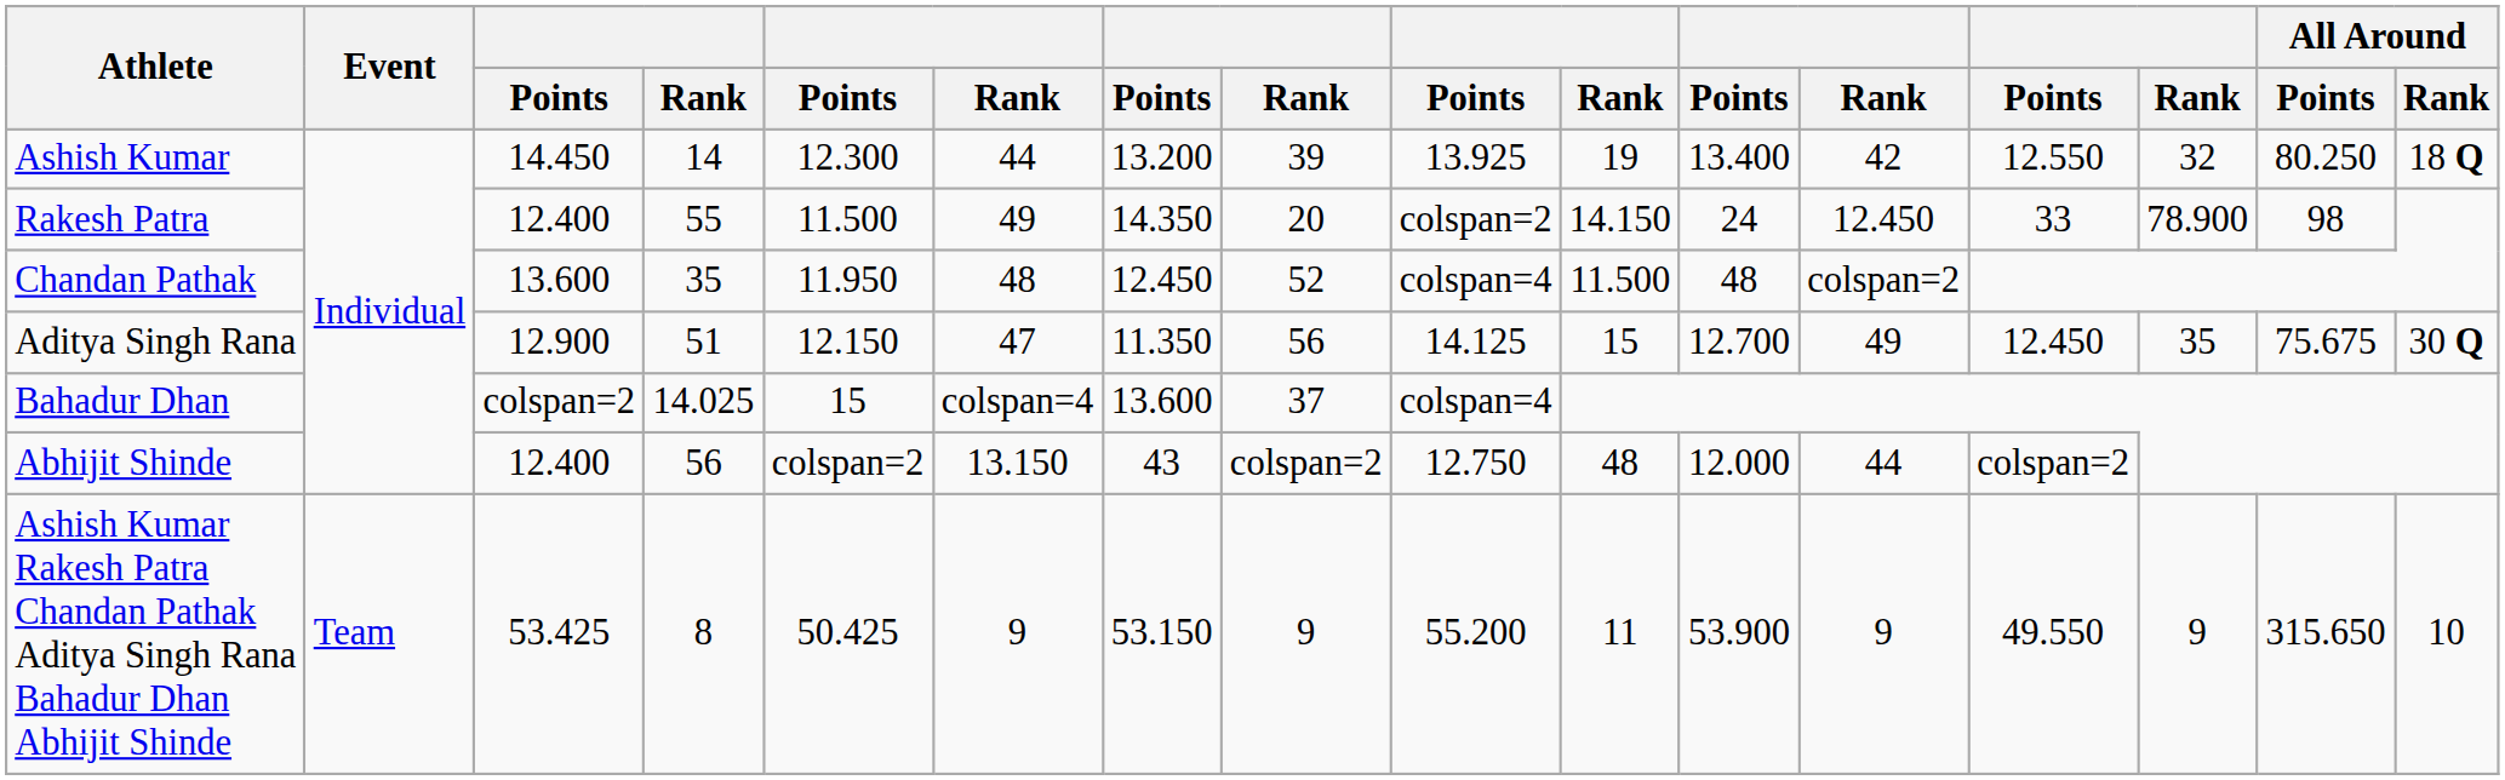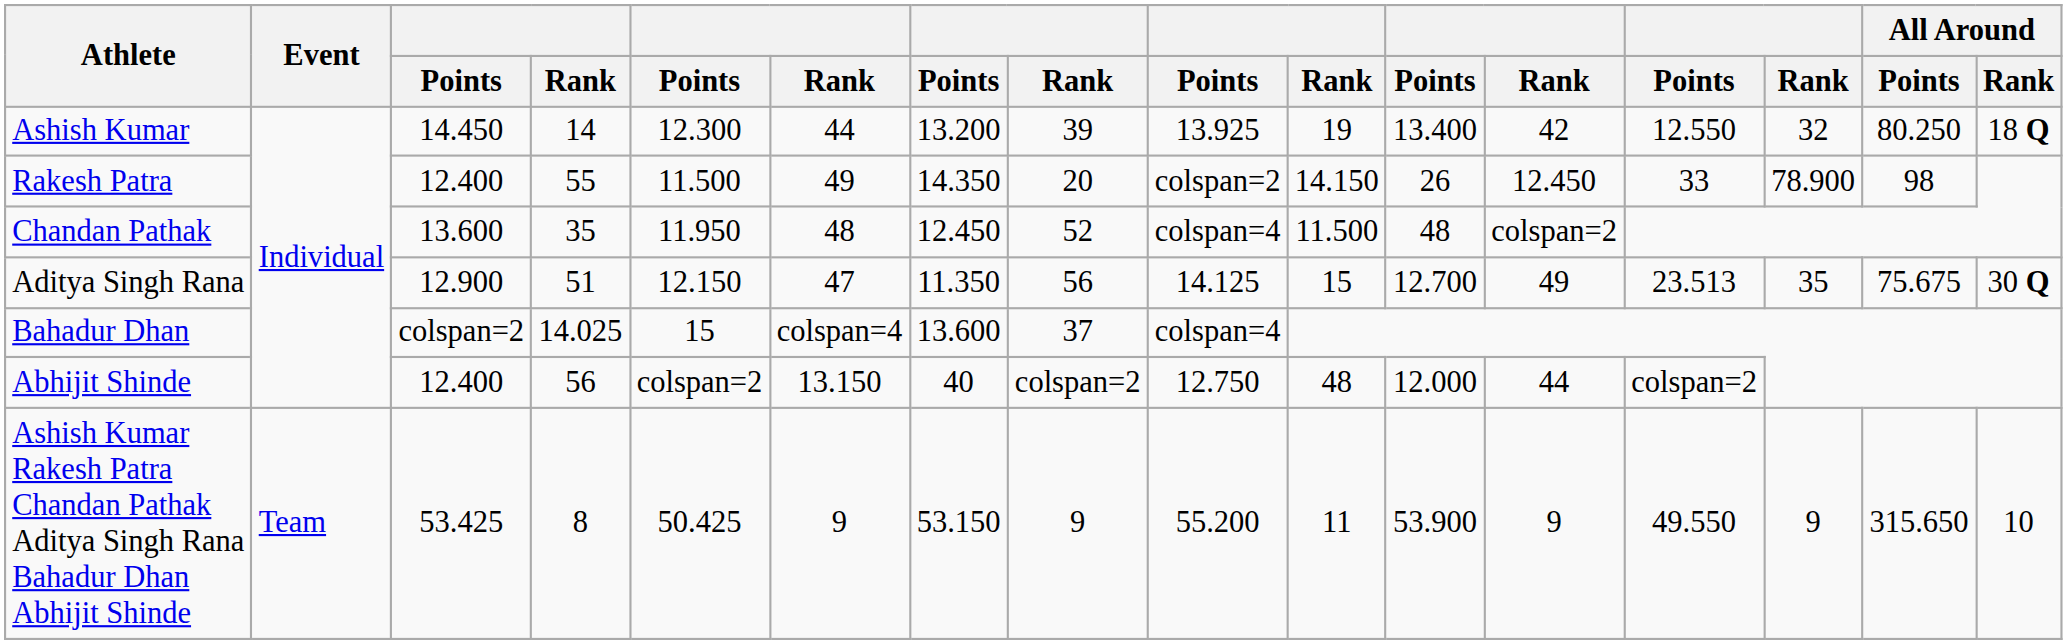 <table class="wikitable" style="text-align:center; font-size:90%">
 <tr>
 <th rowspan=2>Athlete</th>
 <th rowspan=2>Event</th>
 <th colspan=2></th>
 <th colspan=2></th>
 <th colspan=2></th>
 <th colspan=2></th>
 <th colspan=2></th>
 <th colspan=2></th>
 <th colspan=2>All Around</th>
 </tr>
 <tr>
 <th>Points</th>
 <th>Rank</th>
 <th>Points</th>
 <th>Rank</th>
 <th>Points</th>
 <th>Rank</th>
 <th>Points</th>
 <th>Rank</th>
 <th>Points</th>
 <th>Rank</th>
 <th>Points</th>
 <th>Rank</th>
 <th>Points</th>
 <th>Rank</th>
 </tr>
 <tr>
 <td align=left><a href='#'>Ashish Kumar</a></td>
 <td align=left rowspan=6><a href='#'>Individual</a></td>
 <td>14.450</td>
 <td>14</td>
 <td>12.300</td>
 <td>44</td>
 <td>13.200</td>
 <td>39</td>
 <td>13.925</td>
 <td>19</td>
 <td>13.400</td>
 <td>42</td>
 <td>12.550</td>
 <td>32</td>
 <td>80.250</td>
 <td>18 <strong>Q</strong></td>
 </tr>
 <tr>
 <td align=left><a href='#'>Rakesh Patra</a></td>
 <td>12.400</td>
 <td>55</td>
 <td>11.500</td>
 <td>49</td>
 <td>14.350</td>
 <td>20</td>
 <td>colspan=2 </td>
 <td>14.150</td>
-<td>24</td>
+<td>26</td>
 <td>12.450</td>
 <td>33</td>
 <td>78.900</td>
 <td>98</td>
 </tr>
 <tr>
 <td align=left><a href='#'>Chandan Pathak</a></td>
 <td>13.600</td>
 <td>35</td>
 <td>11.950</td>
 <td>48</td>
 <td>12.450</td>
 <td>52</td>
 <td>colspan=4 </td>
 <td>11.500</td>
 <td>48</td>
 <td>colspan=2 </td>
 </tr>
 <tr>
 <td align=left>Aditya Singh Rana</td>
 <td>12.900</td>
 <td>51</td>
 <td>12.150</td>
 <td>47</td>
 <td>11.350</td>
 <td>56</td>
 <td>14.125</td>
 <td>15</td>
 <td>12.700</td>
 <td>49</td>
-<td>12.450</td>
+<td>23.513</td>
 <td>35</td>
 <td>75.675</td>
 <td>30 <strong>Q</strong></td>
 </tr>
 <tr>
 <td align=left><a href='#'>Bahadur Dhan</a></td>
 <td>colspan=2 </td>
 <td>14.025</td>
 <td>15</td>
 <td>colspan=4 </td>
 <td>13.600</td>
 <td>37</td>
 <td>colspan=4 </td>
 </tr>
 <tr>
 <td align=left><a href='#'>Abhijit Shinde</a></td>
 <td>12.400</td>
 <td>56</td>
 <td>colspan=2 </td>
 <td>13.150</td>
-<td>43</td>
+<td>40</td>
 <td>colspan=2 </td>
 <td>12.750</td>
 <td>48</td>
 <td>12.000</td>
 <td>44</td>
 <td>colspan=2 </td>
 </tr>
 <tr>
 <td align=left><a href='#'>Ashish Kumar</a><br><a href='#'>Rakesh Patra</a><br><a href='#'>Chandan Pathak</a><br>Aditya Singh Rana<br><a href='#'>Bahadur Dhan</a><br><a href='#'>Abhijit Shinde</a></td>
 <td align=left><a href='#'>Team</a></td>
 <td>53.425</td>
 <td>8</td>
 <td>50.425</td>
 <td>9</td>
 <td>53.150</td>
 <td>9</td>
 <td>55.200</td>
 <td>11</td>
 <td>53.900</td>
 <td>9</td>
 <td>49.550</td>
 <td>9</td>
 <td>315.650</td>
 <td>10</td>
 </tr>
 </table>
